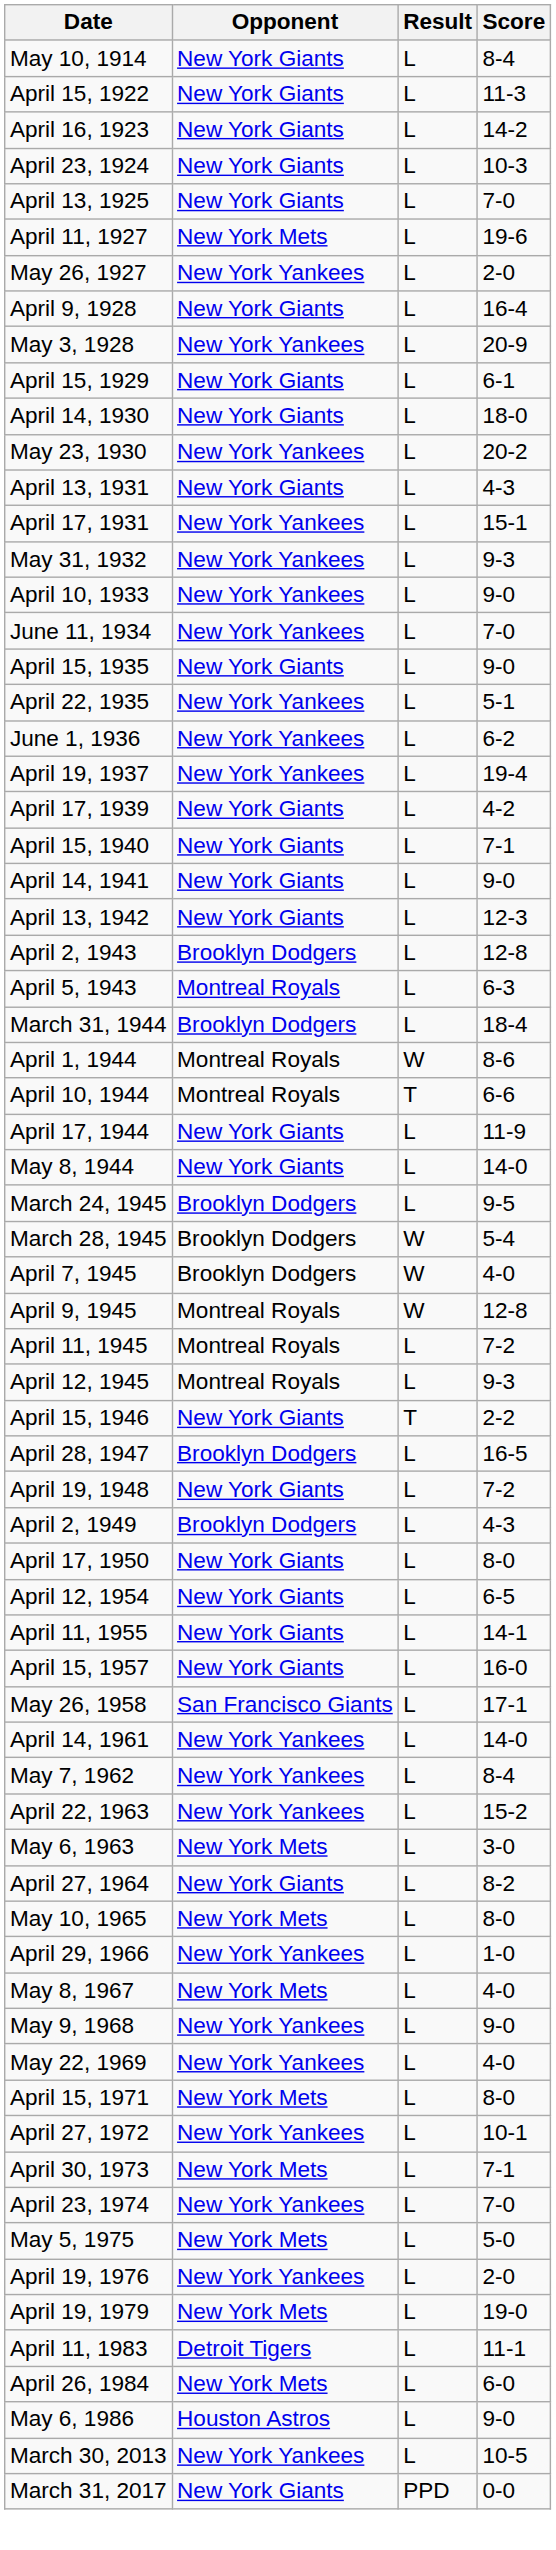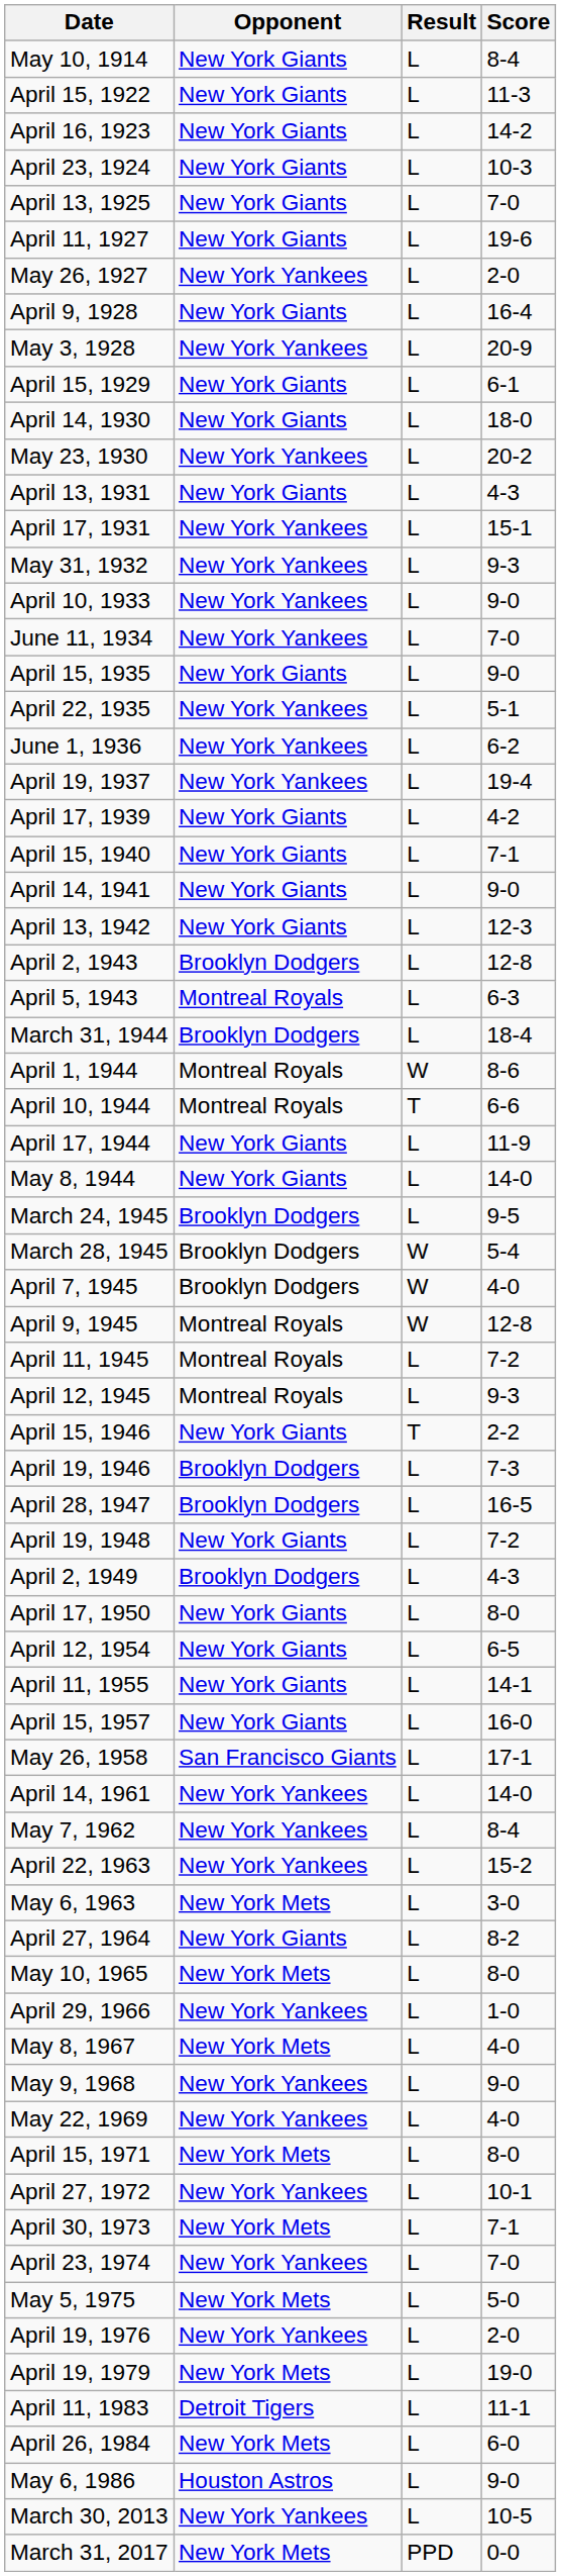 <table class="wikitable sortable collapsible collapsed">
 <tr>
 <th>Date</th>
 <th>Opponent</th>
 <th>Result</th>
 <th>Score</th>
 </tr>
 <tr>
 <td>May 10, 1914</td>
 <td><a href='#'>New York Giants</a></td>
 <td>L</td>
 <td>8-4</td>
 </tr>
 <tr>
 <td>April 15, 1922</td>
 <td><a href='#'>New York Giants</a></td>
 <td>L</td>
 <td>11-3</td>
 </tr>
 <tr>
 <td>April 16, 1923</td>
 <td><a href='#'>New York Giants</a></td>
 <td>L</td>
 <td>14-2</td>
 </tr>
 <tr>
 <td>April 23, 1924</td>
 <td><a href='#'>New York Giants</a></td>
 <td>L</td>
 <td>10-3</td>
 </tr>
 <tr>
 <td>April 13, 1925</td>
 <td><a href='#'>New York Giants</a></td>
 <td>L</td>
 <td>7-0</td>
 </tr>
 <tr>
 <td>April 11, 1927</td>
-<td><a href='#'>New York Mets</a></td>
+<td><a href='#'>New York Giants</a></td>
 <td>L</td>
 <td>19-6</td>
 </tr>
 <tr>
 <td>May 26, 1927</td>
 <td><a href='#'>New York Yankees</a></td>
 <td>L</td>
 <td>2-0</td>
 </tr>
 <tr>
 <td>April 9, 1928</td>
 <td><a href='#'>New York Giants</a></td>
 <td>L</td>
 <td>16-4</td>
 </tr>
 <tr>
 <td>May 3, 1928</td>
 <td><a href='#'>New York Yankees</a></td>
 <td>L</td>
 <td>20-9</td>
 </tr>
 <tr>
 <td>April 15, 1929</td>
 <td><a href='#'>New York Giants</a></td>
 <td>L</td>
 <td>6-1</td>
 </tr>
 <tr>
 <td>April 14, 1930</td>
 <td><a href='#'>New York Giants</a></td>
 <td>L</td>
 <td>18-0</td>
 </tr>
 <tr>
 <td>May 23, 1930</td>
 <td><a href='#'>New York Yankees</a></td>
 <td>L</td>
 <td>20-2</td>
 </tr>
 <tr>
 <td>April 13, 1931</td>
 <td><a href='#'>New York Giants</a></td>
 <td>L</td>
 <td>4-3</td>
 </tr>
 <tr>
 <td>April 17, 1931</td>
 <td><a href='#'>New York Yankees</a></td>
 <td>L</td>
 <td>15-1</td>
 </tr>
 <tr>
 <td>May 31, 1932</td>
 <td><a href='#'>New York Yankees</a></td>
 <td>L</td>
 <td>9-3</td>
 </tr>
 <tr>
 <td>April 10, 1933</td>
 <td><a href='#'>New York Yankees</a></td>
 <td>L</td>
 <td>9-0</td>
 </tr>
 <tr>
 <td>June 11, 1934</td>
 <td><a href='#'>New York Yankees</a></td>
 <td>L</td>
 <td>7-0</td>
 </tr>
 <tr>
 <td>April 15, 1935</td>
 <td><a href='#'>New York Giants</a></td>
 <td>L</td>
 <td>9-0</td>
 </tr>
 <tr>
 <td>April 22, 1935</td>
 <td><a href='#'>New York Yankees</a></td>
 <td>L</td>
 <td>5-1</td>
 </tr>
 <tr>
 <td>June 1, 1936</td>
 <td><a href='#'>New York Yankees</a></td>
 <td>L</td>
 <td>6-2</td>
 </tr>
 <tr>
 <td>April 19, 1937</td>
 <td><a href='#'>New York Yankees</a></td>
 <td>L</td>
 <td>19-4</td>
 </tr>
 <tr>
 <td>April 17, 1939</td>
 <td><a href='#'>New York Giants</a></td>
 <td>L</td>
 <td>4-2</td>
 </tr>
 <tr>
 <td>April 15, 1940</td>
 <td><a href='#'>New York Giants</a></td>
 <td>L</td>
 <td>7-1</td>
 </tr>
 <tr>
 <td>April 14, 1941</td>
 <td><a href='#'>New York Giants</a></td>
 <td>L</td>
 <td>9-0</td>
 </tr>
 <tr>
 <td>April 13, 1942</td>
 <td><a href='#'>New York Giants</a></td>
 <td>L</td>
 <td>12-3</td>
 </tr>
 <tr>
 <td>April 2, 1943</td>
 <td><a href='#'>Brooklyn Dodgers</a></td>
 <td>L</td>
 <td>12-8</td>
 </tr>
 <tr>
 <td>April 5, 1943</td>
 <td><a href='#'>Montreal Royals</a></td>
 <td>L</td>
 <td>6-3</td>
 </tr>
 <tr>
 <td>March 31, 1944</td>
 <td><a href='#'>Brooklyn Dodgers</a></td>
 <td>L</td>
 <td>18-4</td>
 </tr>
 <tr>
 <td>April 1, 1944</td>
 <td>Montreal Royals</td>
 <td>W</td>
 <td>8-6</td>
 </tr>
 <tr>
 <td>April 10, 1944</td>
 <td>Montreal Royals</td>
 <td>T</td>
 <td>6-6</td>
 </tr>
 <tr>
 <td>April 17, 1944</td>
 <td><a href='#'>New York Giants</a></td>
 <td>L</td>
 <td>11-9</td>
 </tr>
 <tr>
 <td>May 8, 1944</td>
 <td><a href='#'>New York Giants</a></td>
 <td>L</td>
 <td>14-0</td>
 </tr>
 <tr>
 <td>March 24, 1945</td>
 <td><a href='#'>Brooklyn Dodgers</a></td>
 <td>L</td>
 <td>9-5</td>
 </tr>
 <tr>
 <td>March 28, 1945</td>
 <td>Brooklyn Dodgers</td>
 <td>W</td>
 <td>5-4</td>
 </tr>
 <tr>
 <td>April 7, 1945</td>
 <td>Brooklyn Dodgers</td>
 <td>W</td>
 <td>4-0</td>
 </tr>
 <tr>
 <td>April 9, 1945</td>
 <td>Montreal Royals</td>
 <td>W</td>
 <td>12-8</td>
 </tr>
 <tr>
 <td>April 11, 1945</td>
 <td>Montreal Royals</td>
 <td>L</td>
 <td>7-2</td>
 </tr>
 <tr>
 <td>April 12, 1945</td>
 <td>Montreal Royals</td>
 <td>L</td>
 <td>9-3</td>
 </tr>
 <tr>
 <td>April 15, 1946</td>
 <td><a href='#'>New York Giants</a></td>
 <td>T</td>
 <td>2-2</td>
 </tr>
 <tr>
+<td>April 19, 1946</td>
+<td><a href='#'>Brooklyn Dodgers</a></td>
+<td>L</td>
+<td>7-3</td>
+</tr>
+<tr>
 <td>April 28, 1947</td>
 <td><a href='#'>Brooklyn Dodgers</a></td>
 <td>L</td>
 <td>16-5</td>
 </tr>
 <tr>
 <td>April 19, 1948</td>
 <td><a href='#'>New York Giants</a></td>
 <td>L</td>
 <td>7-2</td>
 </tr>
 <tr>
 <td>April 2, 1949</td>
 <td><a href='#'>Brooklyn Dodgers</a></td>
 <td>L</td>
 <td>4-3</td>
 </tr>
 <tr>
 <td>April 17, 1950</td>
 <td><a href='#'>New York Giants</a></td>
 <td>L</td>
 <td>8-0</td>
 </tr>
 <tr>
 <td>April 12, 1954</td>
 <td><a href='#'>New York Giants</a></td>
 <td>L</td>
 <td>6-5</td>
 </tr>
 <tr>
 <td>April 11, 1955</td>
 <td><a href='#'>New York Giants</a></td>
 <td>L</td>
 <td>14-1</td>
 </tr>
 <tr>
 <td>April 15, 1957</td>
 <td><a href='#'>New York Giants</a></td>
 <td>L</td>
 <td>16-0</td>
 </tr>
 <tr>
 <td>May 26, 1958</td>
 <td><a href='#'>San Francisco Giants</a></td>
 <td>L</td>
 <td>17-1</td>
 </tr>
 <tr>
 <td>April 14, 1961</td>
 <td><a href='#'>New York Yankees</a></td>
 <td>L</td>
 <td>14-0</td>
 </tr>
 <tr>
 <td>May 7, 1962</td>
 <td><a href='#'>New York Yankees</a></td>
 <td>L</td>
 <td>8-4</td>
 </tr>
 <tr>
 <td>April 22, 1963</td>
 <td><a href='#'>New York Yankees</a></td>
 <td>L</td>
 <td>15-2</td>
 </tr>
 <tr>
 <td>May 6, 1963</td>
 <td><a href='#'>New York Mets</a></td>
 <td>L</td>
 <td>3-0</td>
 </tr>
 <tr>
 <td>April 27, 1964</td>
 <td><a href='#'>New York Giants</a></td>
 <td>L</td>
 <td>8-2</td>
 </tr>
 <tr>
 <td>May 10, 1965</td>
 <td><a href='#'>New York Mets</a></td>
 <td>L</td>
 <td>8-0</td>
 </tr>
 <tr>
 <td>April 29, 1966</td>
 <td><a href='#'>New York Yankees</a></td>
 <td>L</td>
 <td>1-0</td>
 </tr>
 <tr>
 <td>May 8, 1967</td>
 <td><a href='#'>New York Mets</a></td>
 <td>L</td>
 <td>4-0</td>
 </tr>
 <tr>
 <td>May 9, 1968</td>
 <td><a href='#'>New York Yankees</a></td>
 <td>L</td>
 <td>9-0</td>
 </tr>
 <tr>
 <td>May 22, 1969</td>
 <td><a href='#'>New York Yankees</a></td>
 <td>L</td>
 <td>4-0</td>
 </tr>
 <tr>
 <td>April 15, 1971</td>
 <td><a href='#'>New York Mets</a></td>
 <td>L</td>
 <td>8-0</td>
 </tr>
 <tr>
 <td>April 27, 1972</td>
 <td><a href='#'>New York Yankees</a></td>
 <td>L</td>
 <td>10-1</td>
 </tr>
 <tr>
 <td>April 30, 1973</td>
 <td><a href='#'>New York Mets</a></td>
 <td>L</td>
 <td>7-1</td>
 </tr>
 <tr>
 <td>April 23, 1974</td>
 <td><a href='#'>New York Yankees</a></td>
 <td>L</td>
 <td>7-0</td>
 </tr>
 <tr>
 <td>May 5, 1975</td>
 <td><a href='#'>New York Mets</a></td>
 <td>L</td>
 <td>5-0</td>
 </tr>
 <tr>
 <td>April 19, 1976</td>
 <td><a href='#'>New York Yankees</a></td>
 <td>L</td>
 <td>2-0</td>
 </tr>
 <tr>
 <td>April 19, 1979</td>
 <td><a href='#'>New York Mets</a></td>
 <td>L</td>
 <td>19-0</td>
 </tr>
 <tr>
 <td>April 11, 1983</td>
 <td><a href='#'>Detroit Tigers</a></td>
 <td>L</td>
 <td>11-1</td>
 </tr>
 <tr>
 <td>April 26, 1984</td>
 <td><a href='#'>New York Mets</a></td>
 <td>L</td>
 <td>6-0</td>
 </tr>
 <tr>
 <td>May 6, 1986</td>
 <td><a href='#'>Houston Astros</a></td>
 <td>L</td>
 <td>9-0</td>
 </tr>
 <tr>
 <td>March 30, 2013</td>
 <td><a href='#'>New York Yankees</a></td>
 <td>L</td>
 <td>10-5</td>
 </tr>
 <tr>
 <td>March 31, 2017</td>
-<td><a href='#'>New York Giants</a></td>
+<td><a href='#'>New York Mets</a></td>
 <td>PPD</td>
 <td>0-0</td>
 </tr>
 </table>
